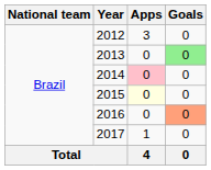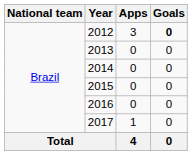 <table class="wikitable" style="text-align:center">
 <tr>
 <th>National team</th>
 <th>Year</th>
 <th>Apps</th>
 <th>Goals</th>
 </tr>
 <tr>
 <td rowspan="6"><a href='#'>Brazil</a></td>
 <td>2012</td>
 <td>3</td>
-<td>0</td>
+<td><strong>0</strong></td>
 </tr>
 <tr>
 <td>2013</td>
 <td>0</td>
-<td style="background: lightgreen;">0</td>
+<td>0</td>
 </tr>
 <tr>
 <td>2014</td>
-<td style="background: pink;">0</td>
+<td>0</td>
 <td>0</td>
 </tr>
 <tr>
 <td>2015</td>
-<td style="background: lightyellow;">0</td>
+<td>0</td>
 <td>0</td>
 </tr>
 <tr>
 <td>2016</td>
 <td>0</td>
-<td style="background: lightsalmon;">0</td>
+<td>0</td>
 </tr>
 <tr>
 <td>2017</td>
 <td>1</td>
 <td>0</td>
 </tr>
 <tr>
 <th colspan="2">Total</th>
 <th>4</th>
 <th>0</th>
 </tr>
 </table>
